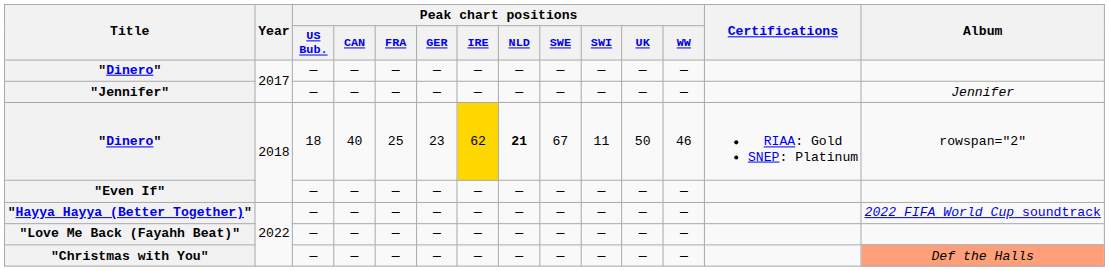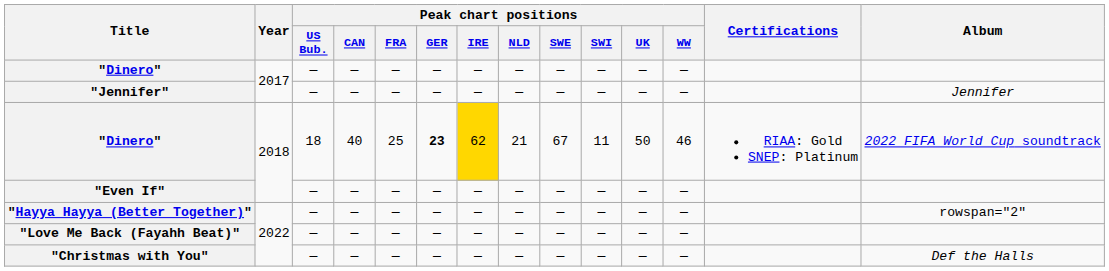 <table class="wikitable plainrowheaders" style="text-align:center;">
 <tr>
 <th rowspan="2">Title</th>
 <th rowspan="2">Year</th>
 <th colspan="10">Peak chart positions</th>
 <th rowspan="2"><a href='#'>Certifications</a></th>
 <th rowspan="2">Album</th>
 </tr>
 <tr>
 <th scope="col" style="width:3em;font-size:90%;"><a href='#'>US<br>Bub.</a><br></th>
 <th scope="col" style="width:3em;font-size:90%;"><a href='#'>CAN</a><br></th>
 <th scope="col" style="width:3em;font-size:90%;"><a href='#'>FRA</a><br></th>
 <th scope="col" style="width:3em;font-size:90%;"><a href='#'>GER</a><br></th>
 <th scope="col" style="width:3em;font-size:90%;"><a href='#'>IRE</a><br></th>
 <th scope="col" style="width:3em;font-size:90%;"><a href='#'>NLD</a><br></th>
 <th scope="col" style="width:3em;font-size:90%;"><a href='#'>SWE</a><br></th>
 <th scope="col" style="width:3em;font-size:90%;"><a href='#'>SWI</a><br></th>
 <th scope="col" style="width:3em;font-size:90%;"><a href='#'>UK</a><br></th>
 <th scope="col" style="width:3em;font-size:90%;"><a href='#'>WW</a><br></th>
 </tr>
 <tr>
 <th scope="row">"<a href='#'>Dinero</a>"</th>
 <td rowspan="2">2017</td>
 <td>—</td>
 <td>—</td>
 <td>—</td>
 <td>—</td>
 <td>—</td>
 <td>—</td>
 <td>—</td>
 <td>—</td>
 <td>—</td>
 <td>—</td>
 <td></td>
 <td></td>
 </tr>
 <tr>
 <th scope="row">"Jennifer"</th>
 <td>—</td>
 <td>—</td>
 <td>—</td>
 <td>—</td>
 <td>—</td>
 <td>—</td>
 <td>—</td>
 <td>—</td>
 <td>—</td>
 <td>—</td>
 <td></td>
 <td><em>Jennifer</em></td>
 </tr>
 <tr>
 <th scope="row">"<a href='#'>Dinero</a>"<br></th>
 <td rowspan="2">2018</td>
 <td>18</td>
 <td>40</td>
 <td>25</td>
-<td>23</td>
+<td><strong>23</strong></td>
 <td style="background: gold;">62</td>
-<td><strong>21</strong></td>
+<td>21</td>
 <td>67</td>
 <td>11</td>
 <td>50</td>
 <td>46</td>
 <td><br><ul><li><a href='#'>RIAA</a>: Gold</li><li><a href='#'>SNEP</a>: Platinum</li></ul></td>
-<td>rowspan="2" </td>
+<td><a href='#'><em>2022 FIFA World Cup</em> soundtrack</a></td>
 </tr>
 <tr>
 <th scope="row">"Even If"<br></th>
 <td>—</td>
 <td>—</td>
 <td>—</td>
 <td>—</td>
 <td>—</td>
 <td>—</td>
 <td>—</td>
 <td>—</td>
 <td>—</td>
 <td>—</td>
 <td></td>
 </tr>
 <tr>
 <th scope="row">"<a href='#'>Hayya Hayya (Better Together)</a>"<br></th>
 <td rowspan="3">2022</td>
 <td>—</td>
 <td>—</td>
 <td>—</td>
 <td>—</td>
 <td>—</td>
 <td>—</td>
 <td>—</td>
 <td>—</td>
 <td>—</td>
 <td>—</td>
 <td></td>
-<td><a href='#'><em>2022 FIFA World Cup</em> soundtrack</a></td>
+<td>rowspan="2" </td>
 </tr>
 <tr>
 <th scope="row">"Love Me Back (Fayahh Beat)"<br></th>
 <td>—</td>
 <td>—</td>
 <td>—</td>
 <td>—</td>
 <td>—</td>
 <td>—</td>
 <td>—</td>
 <td>—</td>
 <td>—</td>
 <td>—</td>
 <td></td>
 <td></td>
 </tr>
 <tr>
 <th scope="row">"Christmas with You"</th>
 <td>—</td>
 <td>—</td>
 <td>—</td>
 <td>—</td>
 <td>—</td>
 <td>—</td>
 <td>—</td>
 <td>—</td>
 <td>—</td>
 <td>—</td>
 <td></td>
-<td style="background: lightsalmon;"><em>Def the Halls</em></td>
+<td><em>Def the Halls</em></td>
 </tr>
 </table>
